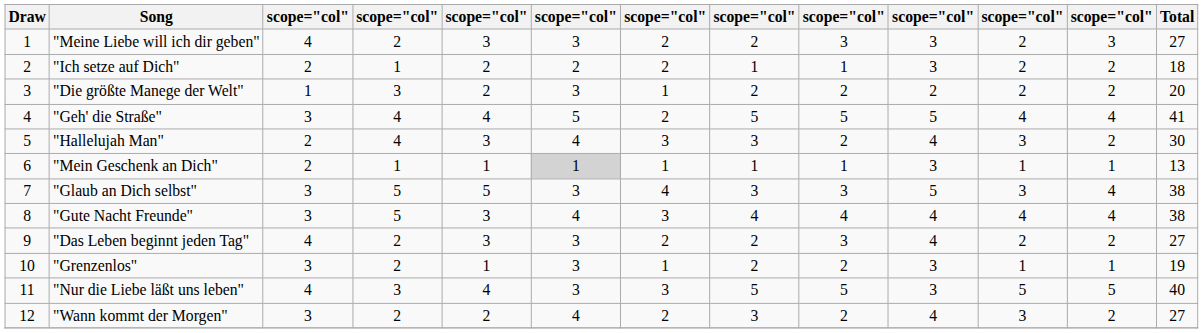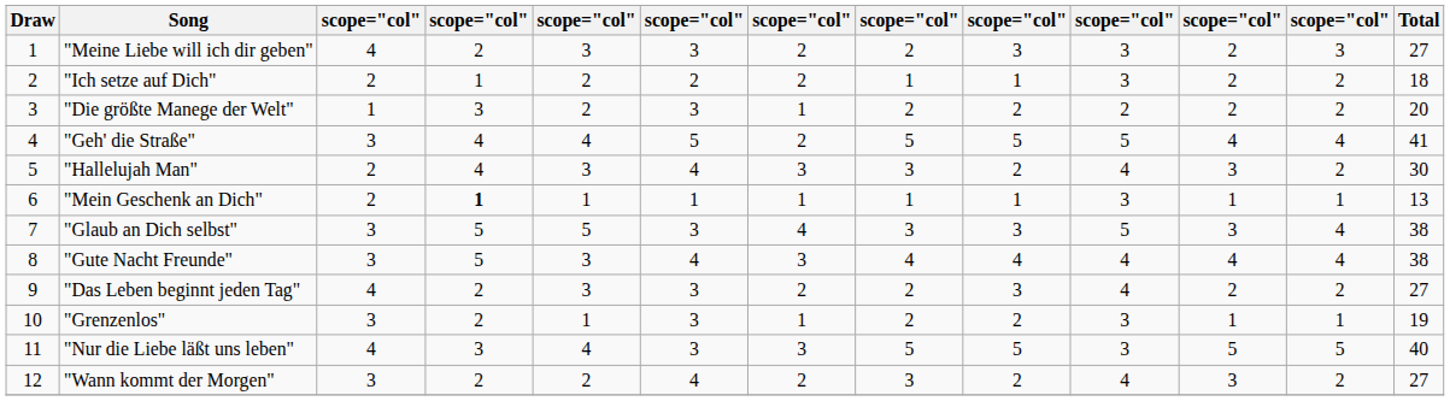 <table class="wikitable plainrowheaders" style="margin: 1em auto 1em auto; text-align:center;">
 <tr>
 </tr>
 <tr>
 <th scope="col">Draw</th>
 <th scope="col">Song</th>
 <th>scope="col" </th>
 <th>scope="col" </th>
 <th>scope="col" </th>
 <th>scope="col" </th>
 <th>scope="col" </th>
 <th>scope="col" </th>
 <th>scope="col" </th>
 <th>scope="col" </th>
 <th>scope="col" </th>
 <th>scope="col" </th>
 <th scope="col">Total</th>
 </tr>
 <tr>
 <td>1</td>
 <td align="left">"Meine Liebe will ich dir geben"</td>
 <td>4</td>
 <td>2</td>
 <td>3</td>
 <td>3</td>
 <td>2</td>
 <td>2</td>
 <td>3</td>
 <td>3</td>
 <td>2</td>
 <td>3</td>
 <td>27</td>
 </tr>
 <tr>
 <td>2</td>
 <td align="left">"Ich setze auf Dich"</td>
 <td>2</td>
 <td>1</td>
 <td>2</td>
 <td>2</td>
 <td>2</td>
 <td>1</td>
 <td>1</td>
 <td>3</td>
 <td>2</td>
 <td>2</td>
 <td>18</td>
 </tr>
 <tr>
 <td>3</td>
 <td align="left">"Die größte Manege der Welt"</td>
 <td>1</td>
 <td>3</td>
 <td>2</td>
 <td>3</td>
 <td>1</td>
 <td>2</td>
 <td>2</td>
 <td>2</td>
 <td>2</td>
 <td>2</td>
 <td>20</td>
 </tr>
 <tr>
 <td>4</td>
 <td align="left">"Geh' die Straße"</td>
 <td>3</td>
 <td>4</td>
 <td>4</td>
 <td>5</td>
 <td>2</td>
 <td>5</td>
 <td>5</td>
 <td>5</td>
 <td>4</td>
 <td>4</td>
 <td>41</td>
 </tr>
 <tr>
 <td>5</td>
 <td align="left">"Hallelujah Man"</td>
 <td>2</td>
 <td>4</td>
 <td>3</td>
 <td>4</td>
 <td>3</td>
 <td>3</td>
 <td>2</td>
 <td>4</td>
 <td>3</td>
 <td>2</td>
 <td>30</td>
 </tr>
 <tr>
 <td>6</td>
 <td align="left">"Mein Geschenk an Dich"</td>
 <td>2</td>
+<td><strong>1</strong></td>
 <td>1</td>
 <td>1</td>
-<td style="background: lightgrey;">1</td>
 <td>1</td>
 <td>1</td>
 <td>1</td>
 <td>3</td>
 <td>1</td>
 <td>1</td>
 <td>13</td>
 </tr>
 <tr>
 <td>7</td>
 <td align="left">"Glaub an Dich selbst"</td>
 <td>3</td>
 <td>5</td>
 <td>5</td>
 <td>3</td>
 <td>4</td>
 <td>3</td>
 <td>3</td>
 <td>5</td>
 <td>3</td>
 <td>4</td>
 <td>38</td>
 </tr>
 <tr>
 <td>8</td>
 <td align="left">"Gute Nacht Freunde"</td>
 <td>3</td>
 <td>5</td>
 <td>3</td>
 <td>4</td>
 <td>3</td>
 <td>4</td>
 <td>4</td>
 <td>4</td>
 <td>4</td>
 <td>4</td>
 <td>38</td>
 </tr>
 <tr>
 <td>9</td>
 <td align="left">"Das Leben beginnt jeden Tag"</td>
 <td>4</td>
 <td>2</td>
 <td>3</td>
 <td>3</td>
 <td>2</td>
 <td>2</td>
 <td>3</td>
 <td>4</td>
 <td>2</td>
 <td>2</td>
 <td>27</td>
 </tr>
 <tr>
 <td>10</td>
 <td align="left">"Grenzenlos"</td>
 <td>3</td>
 <td>2</td>
 <td>1</td>
 <td>3</td>
 <td>1</td>
 <td>2</td>
 <td>2</td>
 <td>3</td>
 <td>1</td>
 <td>1</td>
 <td>19</td>
 </tr>
 <tr>
 <td>11</td>
 <td align="left">"Nur die Liebe läßt uns leben"</td>
 <td>4</td>
 <td>3</td>
 <td>4</td>
 <td>3</td>
 <td>3</td>
 <td>5</td>
 <td>5</td>
 <td>3</td>
 <td>5</td>
 <td>5</td>
 <td>40</td>
 </tr>
 <tr>
 <td>12</td>
 <td align="left">"Wann kommt der Morgen"</td>
 <td>3</td>
 <td>2</td>
 <td>2</td>
 <td>4</td>
 <td>2</td>
 <td>3</td>
 <td>2</td>
 <td>4</td>
 <td>3</td>
 <td>2</td>
 <td>27</td>
 </tr>
 <tr>
 </tr>
 </table>
